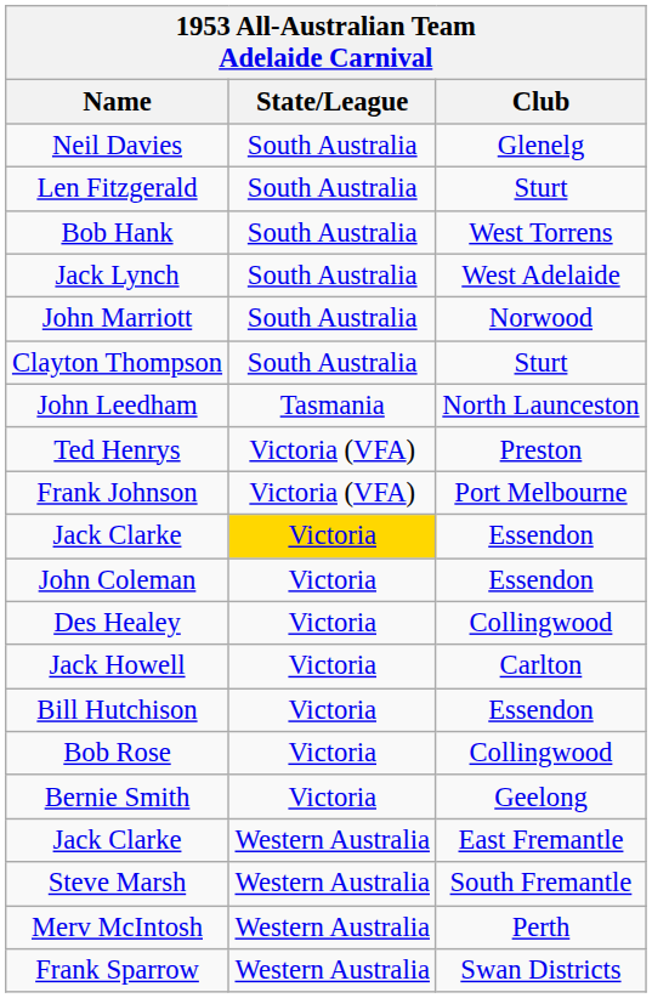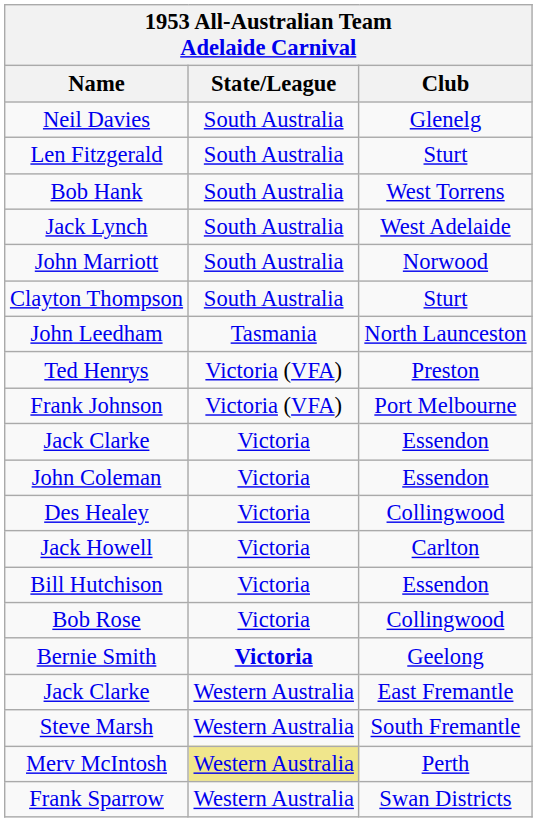 <table class="wikitable" style="text-align: center">
 <tr>
 <th colspan="10">1953 All-Australian Team<br><a href='#'>Adelaide Carnival</a></th>
 </tr>
 <tr>
 <th>Name</th>
 <th>State/League</th>
 <th>Club</th>
 </tr>
 <tr>
 <td><a href='#'>Neil Davies</a></td>
 <td><a href='#'>South Australia</a></td>
 <td><a href='#'>Glenelg</a></td>
 </tr>
 <tr>
 <td><a href='#'>Len Fitzgerald</a></td>
 <td><a href='#'>South Australia</a></td>
 <td><a href='#'>Sturt</a></td>
 </tr>
 <tr>
 <td><a href='#'>Bob Hank</a></td>
 <td><a href='#'>South Australia</a></td>
 <td><a href='#'>West Torrens</a></td>
 </tr>
 <tr>
 <td><a href='#'>Jack Lynch</a></td>
 <td><a href='#'>South Australia</a></td>
 <td><a href='#'>West Adelaide</a></td>
 </tr>
 <tr>
 <td><a href='#'>John Marriott</a></td>
 <td><a href='#'>South Australia</a></td>
 <td><a href='#'>Norwood</a></td>
 </tr>
 <tr>
 <td><a href='#'>Clayton Thompson</a></td>
 <td><a href='#'>South Australia</a></td>
 <td><a href='#'>Sturt</a></td>
 </tr>
 <tr>
 <td><a href='#'>John Leedham</a></td>
 <td><a href='#'>Tasmania</a></td>
 <td><a href='#'>North Launceston</a></td>
 </tr>
 <tr>
 <td><a href='#'>Ted Henrys</a></td>
 <td><a href='#'>Victoria</a> (<a href='#'>VFA</a>)</td>
 <td><a href='#'>Preston</a></td>
 </tr>
 <tr>
 <td><a href='#'>Frank Johnson</a></td>
 <td><a href='#'>Victoria</a> (<a href='#'>VFA</a>)</td>
 <td><a href='#'>Port Melbourne</a></td>
 </tr>
 <tr>
 <td><a href='#'>Jack Clarke</a></td>
-<td style="background: gold;"><a href='#'>Victoria</a></td>
+<td><a href='#'>Victoria</a></td>
 <td><a href='#'>Essendon</a></td>
 </tr>
 <tr>
 <td><a href='#'>John Coleman</a></td>
 <td><a href='#'>Victoria</a></td>
 <td><a href='#'>Essendon</a></td>
 </tr>
 <tr>
 <td><a href='#'>Des Healey</a></td>
 <td><a href='#'>Victoria</a></td>
 <td><a href='#'>Collingwood</a></td>
 </tr>
 <tr>
 <td><a href='#'>Jack Howell</a></td>
 <td><a href='#'>Victoria</a></td>
 <td><a href='#'>Carlton</a></td>
 </tr>
 <tr>
 <td><a href='#'>Bill Hutchison</a></td>
 <td><a href='#'>Victoria</a></td>
 <td><a href='#'>Essendon</a></td>
 </tr>
 <tr>
 <td><a href='#'>Bob Rose</a></td>
 <td><a href='#'>Victoria</a></td>
 <td><a href='#'>Collingwood</a></td>
 </tr>
 <tr>
 <td><a href='#'>Bernie Smith</a></td>
-<td><a href='#'>Victoria</a></td>
+<td><strong><a href='#'>Victoria</a></strong></td>
 <td><a href='#'>Geelong</a></td>
 </tr>
 <tr>
 <td><a href='#'>Jack Clarke</a></td>
 <td><a href='#'>Western Australia</a></td>
 <td><a href='#'>East Fremantle</a></td>
 </tr>
 <tr>
 <td><a href='#'>Steve Marsh</a></td>
 <td><a href='#'>Western Australia</a></td>
 <td><a href='#'>South Fremantle</a></td>
 </tr>
 <tr>
 <td><a href='#'>Merv McIntosh</a></td>
-<td><a href='#'>Western Australia</a></td>
+<td style="background: khaki;"><a href='#'>Western Australia</a></td>
 <td><a href='#'>Perth</a></td>
 </tr>
 <tr>
 <td><a href='#'>Frank Sparrow</a></td>
 <td><a href='#'>Western Australia</a></td>
 <td><a href='#'>Swan Districts</a></td>
 </tr>
 </table>
